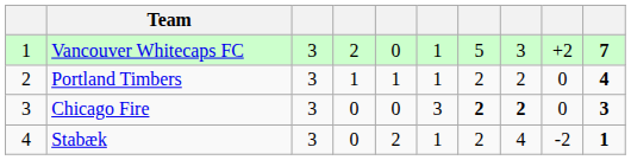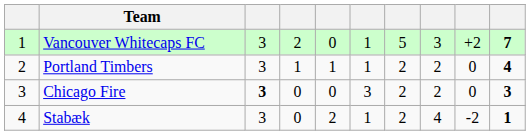 <table class="wikitable" style="text-align: center;">
 <tr>
 <th width="28"></th>
 <th width="200">Team</th>
 <th width="28"></th>
 <th width="28"></th>
 <th width="28"></th>
 <th width="28"></th>
 <th width="28"></th>
 <th width="28"></th>
 <th width="28"></th>
 <th width="28"></th>
 </tr>
 <tr bgcolor="#CCFFCC">
 <td>1</td>
 <td style="text-align:left;"> <a href='#'>Vancouver Whitecaps FC</a></td>
 <td>3</td>
 <td>2</td>
 <td>0</td>
 <td>1</td>
 <td>5</td>
 <td>3</td>
 <td>+2</td>
 <td><strong>7</strong></td>
 </tr>
 <tr>
 <td>2</td>
 <td style="text-align:left;"> <a href='#'>Portland Timbers</a></td>
 <td>3</td>
 <td>1</td>
 <td>1</td>
 <td>1</td>
 <td>2</td>
 <td>2</td>
 <td>0</td>
 <td><strong>4</strong></td>
 </tr>
 <tr>
 <td>3</td>
 <td style="text-align:left;"> <a href='#'>Chicago Fire</a></td>
-<td>3</td>
+<td><strong>3</strong></td>
 <td>0</td>
 <td>0</td>
 <td>3</td>
-<td><strong>2</strong></td>
-<td><strong>2</strong></td>
+<td>2</td>
+<td>2</td>
 <td>0</td>
 <td><strong>3</strong></td>
 </tr>
 <tr>
 <td>4</td>
 <td style="text-align:left;"> <a href='#'>Stabæk</a></td>
 <td>3</td>
 <td>0</td>
 <td>2</td>
 <td>1</td>
 <td>2</td>
 <td>4</td>
 <td>-2</td>
 <td><strong>1</strong></td>
 </tr>
 </table>
